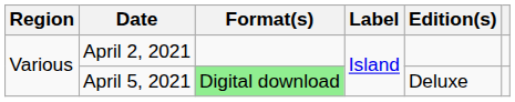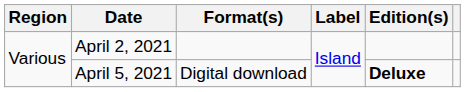 <table class="wikitable plainrowheaders">
 <tr>
 <th scope="col">Region</th>
 <th scope="col">Date</th>
 <th scope="col">Format(s)</th>
 <th scope="col">Label</th>
 <th scope="col">Edition(s)</th>
 <th scope="col"></th>
 </tr>
 <tr>
 <td scope="row" rowspan="2">Various</td>
 <td>April 2, 2021</td>
 <td></td>
 <td rowspan="2"><a href='#'>Island</a></td>
 <td></td>
 <td style="text-align:center;"><br></td>
 </tr>
 <tr>
 <td>April 5, 2021</td>
-<td style="background: lightgreen;">Digital download</td>
-<td>Deluxe</td>
+<td>Digital download</td>
+<td><strong>Deluxe</strong></td>
 <td style="text-align:center;"></td>
 </tr>
 </table>
